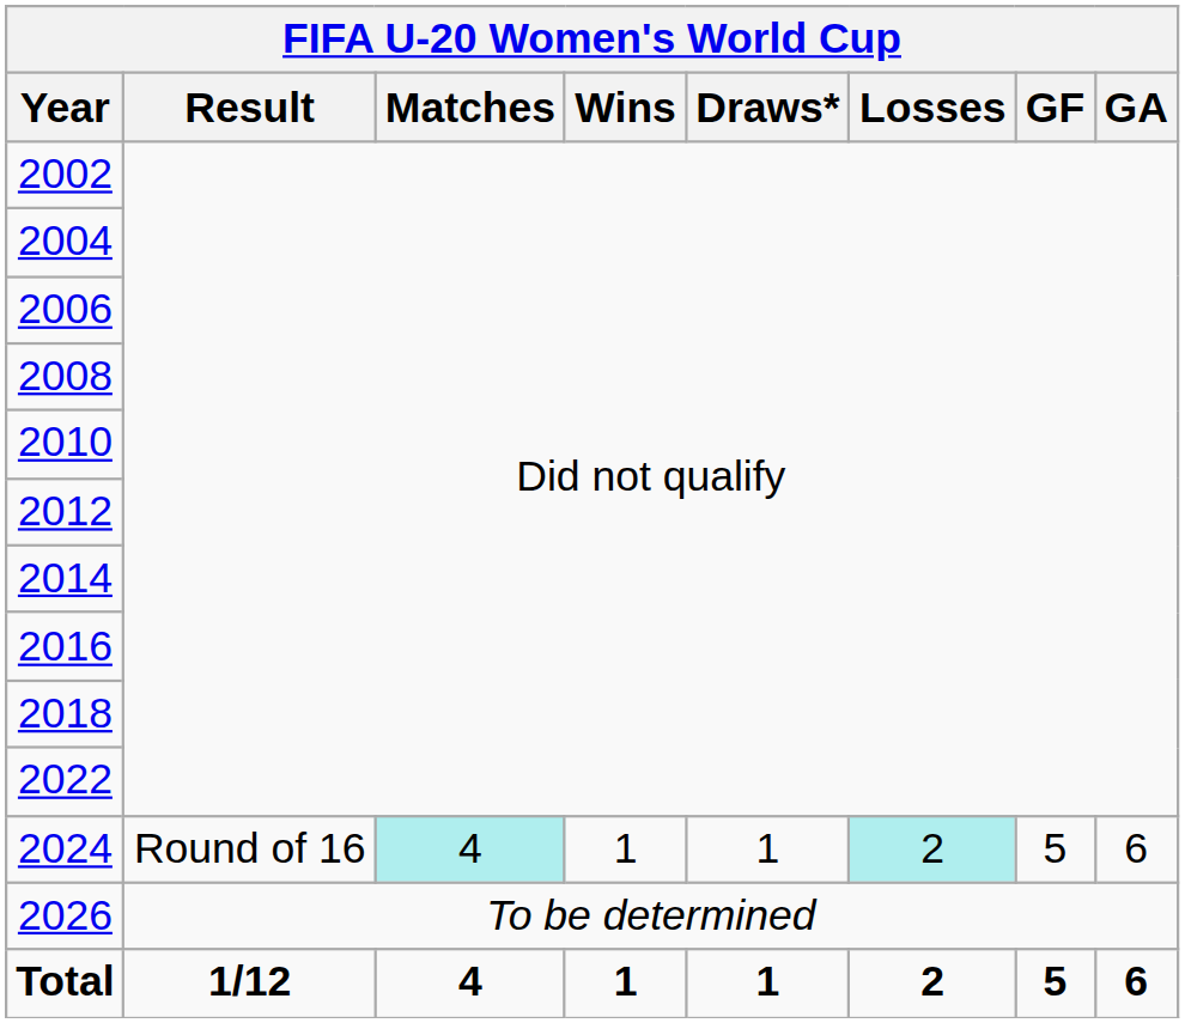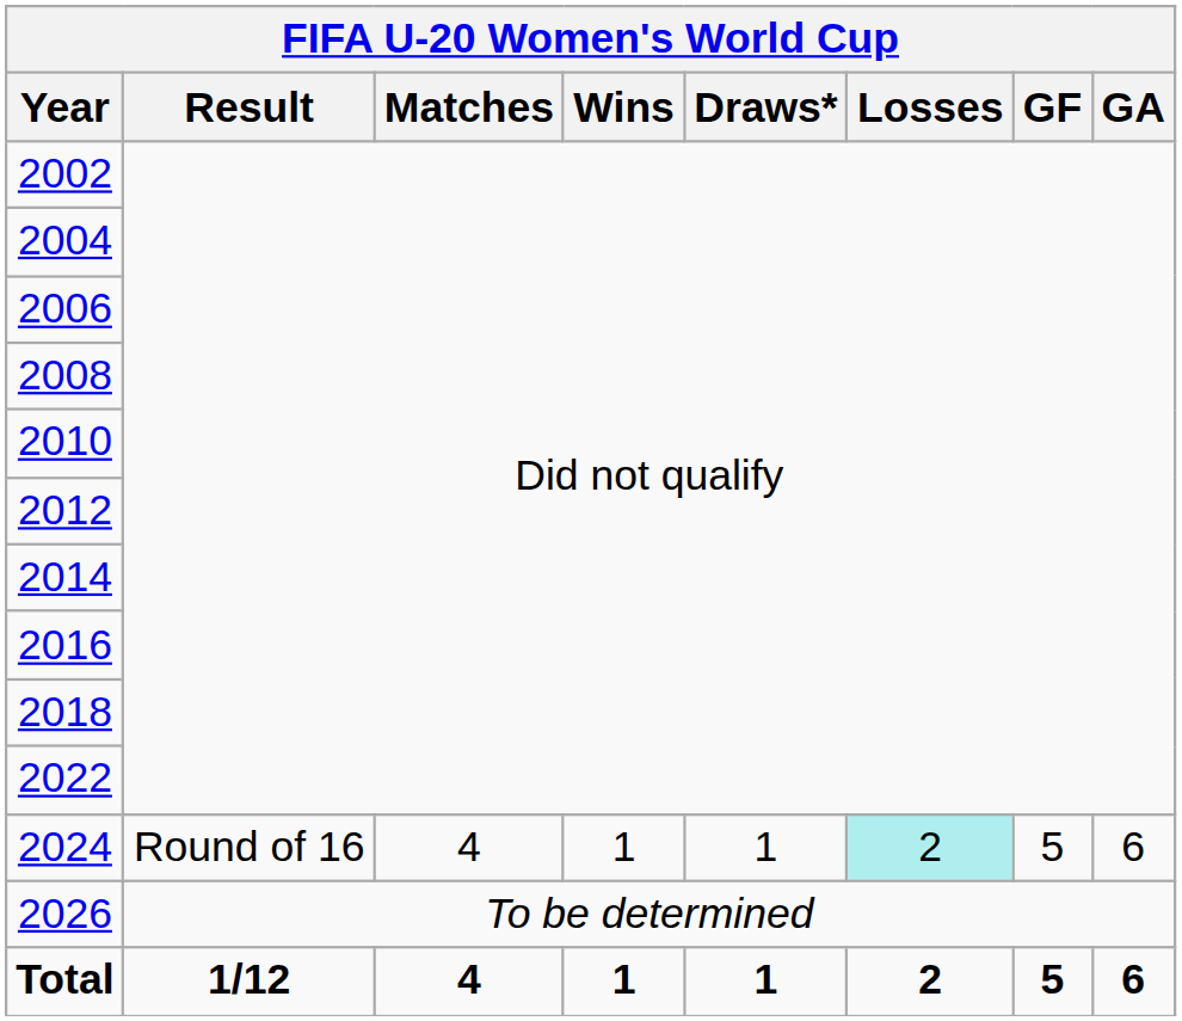 <table class="wikitable" style="text-align: center;">
 <tr>
 <th colspan=10><a href='#'>FIFA U-20 Women's World Cup</a></th>
 </tr>
 <tr>
 <th>Year</th>
 <th>Result</th>
 <th>Matches</th>
 <th>Wins</th>
 <th>Draws*</th>
 <th>Losses</th>
 <th>GF</th>
 <th>GA</th>
 </tr>
 <tr>
 <td> <a href='#'>2002</a></td>
 <td rowspan=10 colspan=7>Did not qualify</td>
 </tr>
 <tr>
 <td> <a href='#'>2004</a></td>
 </tr>
 <tr>
 <td> <a href='#'>2006</a></td>
 </tr>
 <tr>
 <td> <a href='#'>2008</a></td>
 </tr>
 <tr>
 <td> <a href='#'>2010</a></td>
 </tr>
 <tr>
 <td> <a href='#'>2012</a></td>
 </tr>
 <tr>
 <td> <a href='#'>2014</a></td>
 </tr>
 <tr>
 <td> <a href='#'>2016</a></td>
 </tr>
 <tr>
 <td> <a href='#'>2018</a></td>
 </tr>
 <tr>
 <td> <a href='#'>2022</a></td>
 </tr>
 <tr>
 <td> <a href='#'>2024</a></td>
 <td>Round of 16</td>
-<td style="background: paleturquoise;">4</td>
+<td>4</td>
 <td>1</td>
 <td>1</td>
 <td style="background: paleturquoise;">2</td>
 <td>5</td>
 <td>6</td>
 </tr>
 <tr>
 <td> <a href='#'>2026</a></td>
 <td colspan=7><em>To be determined</em></td>
 </tr>
 <tr>
 <td><strong>Total</strong></td>
 <td><strong>1/12</strong></td>
 <td><strong>4</strong></td>
 <td><strong>1</strong></td>
 <td><strong>1</strong></td>
 <td><strong>2</strong></td>
 <td><strong>5</strong></td>
 <td><strong>6</strong></td>
 </tr>
 </table>
